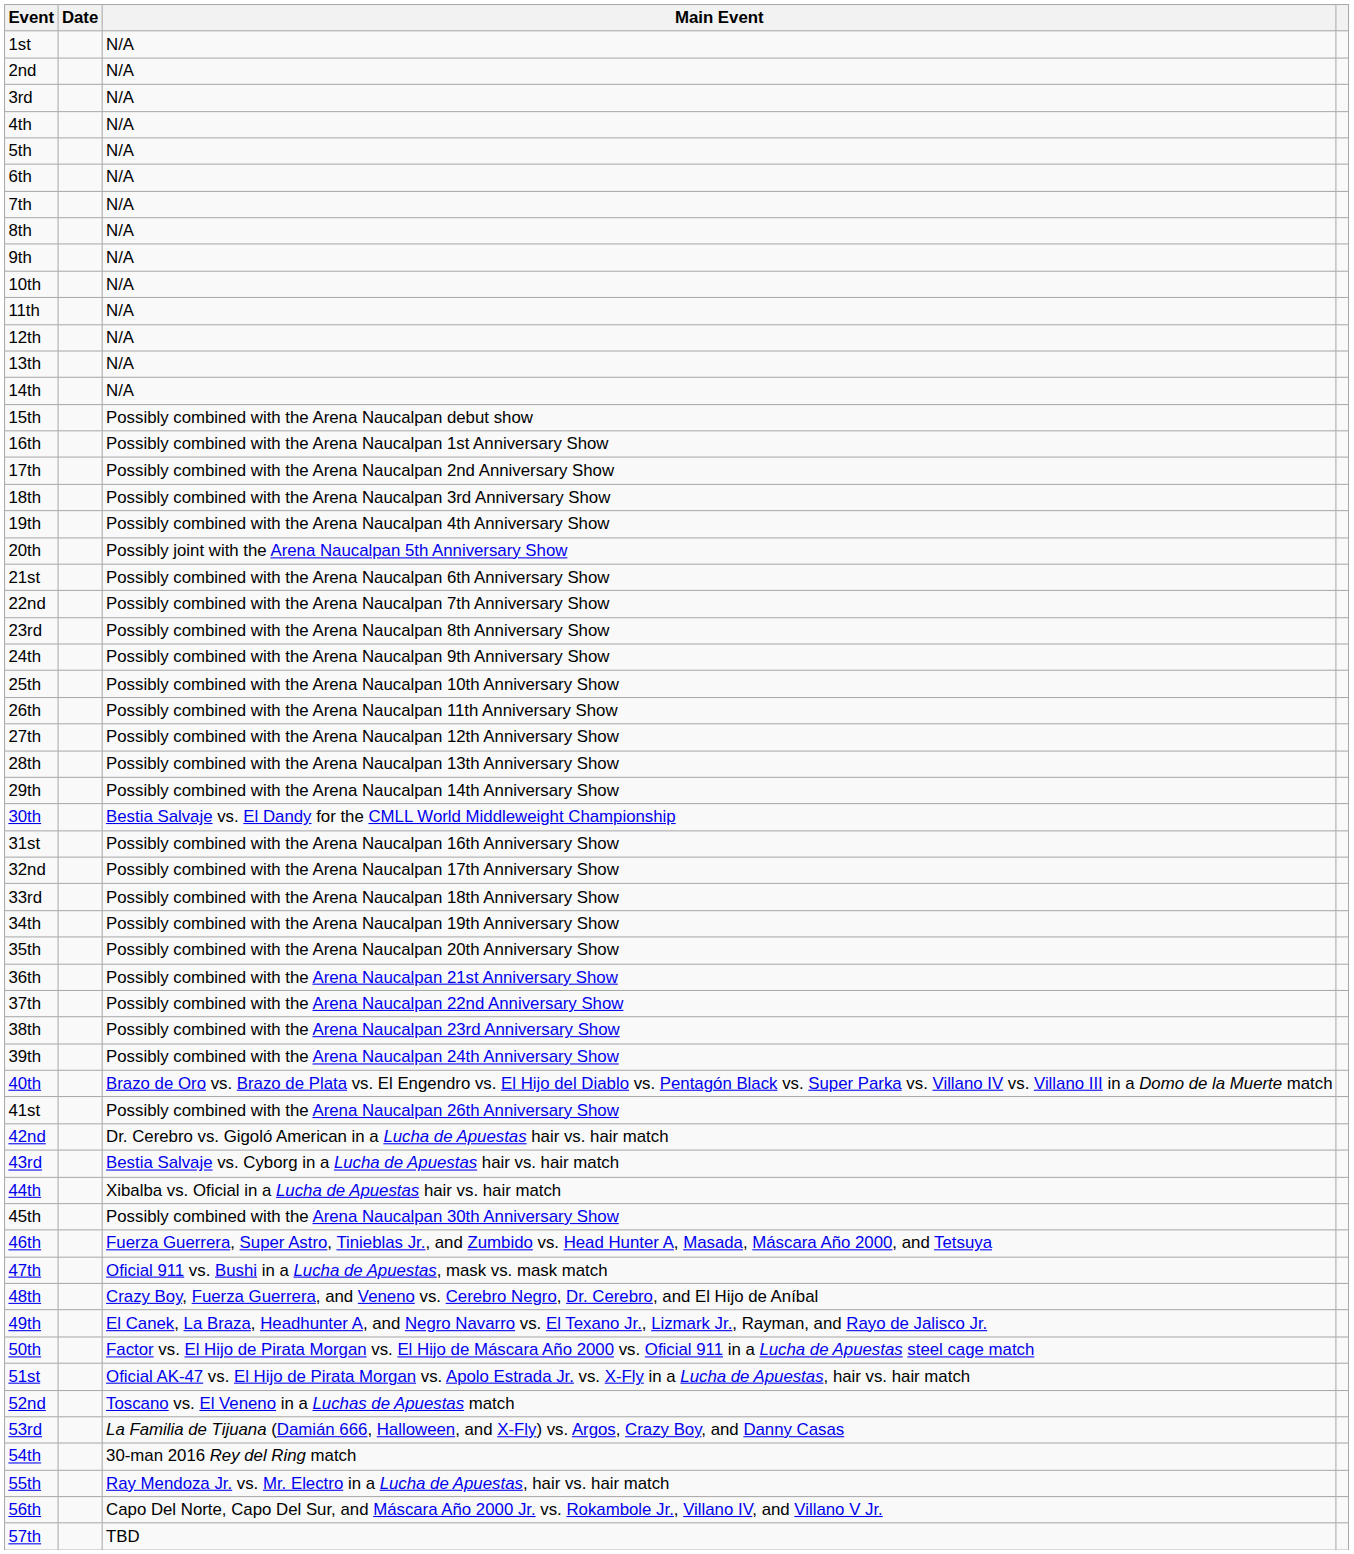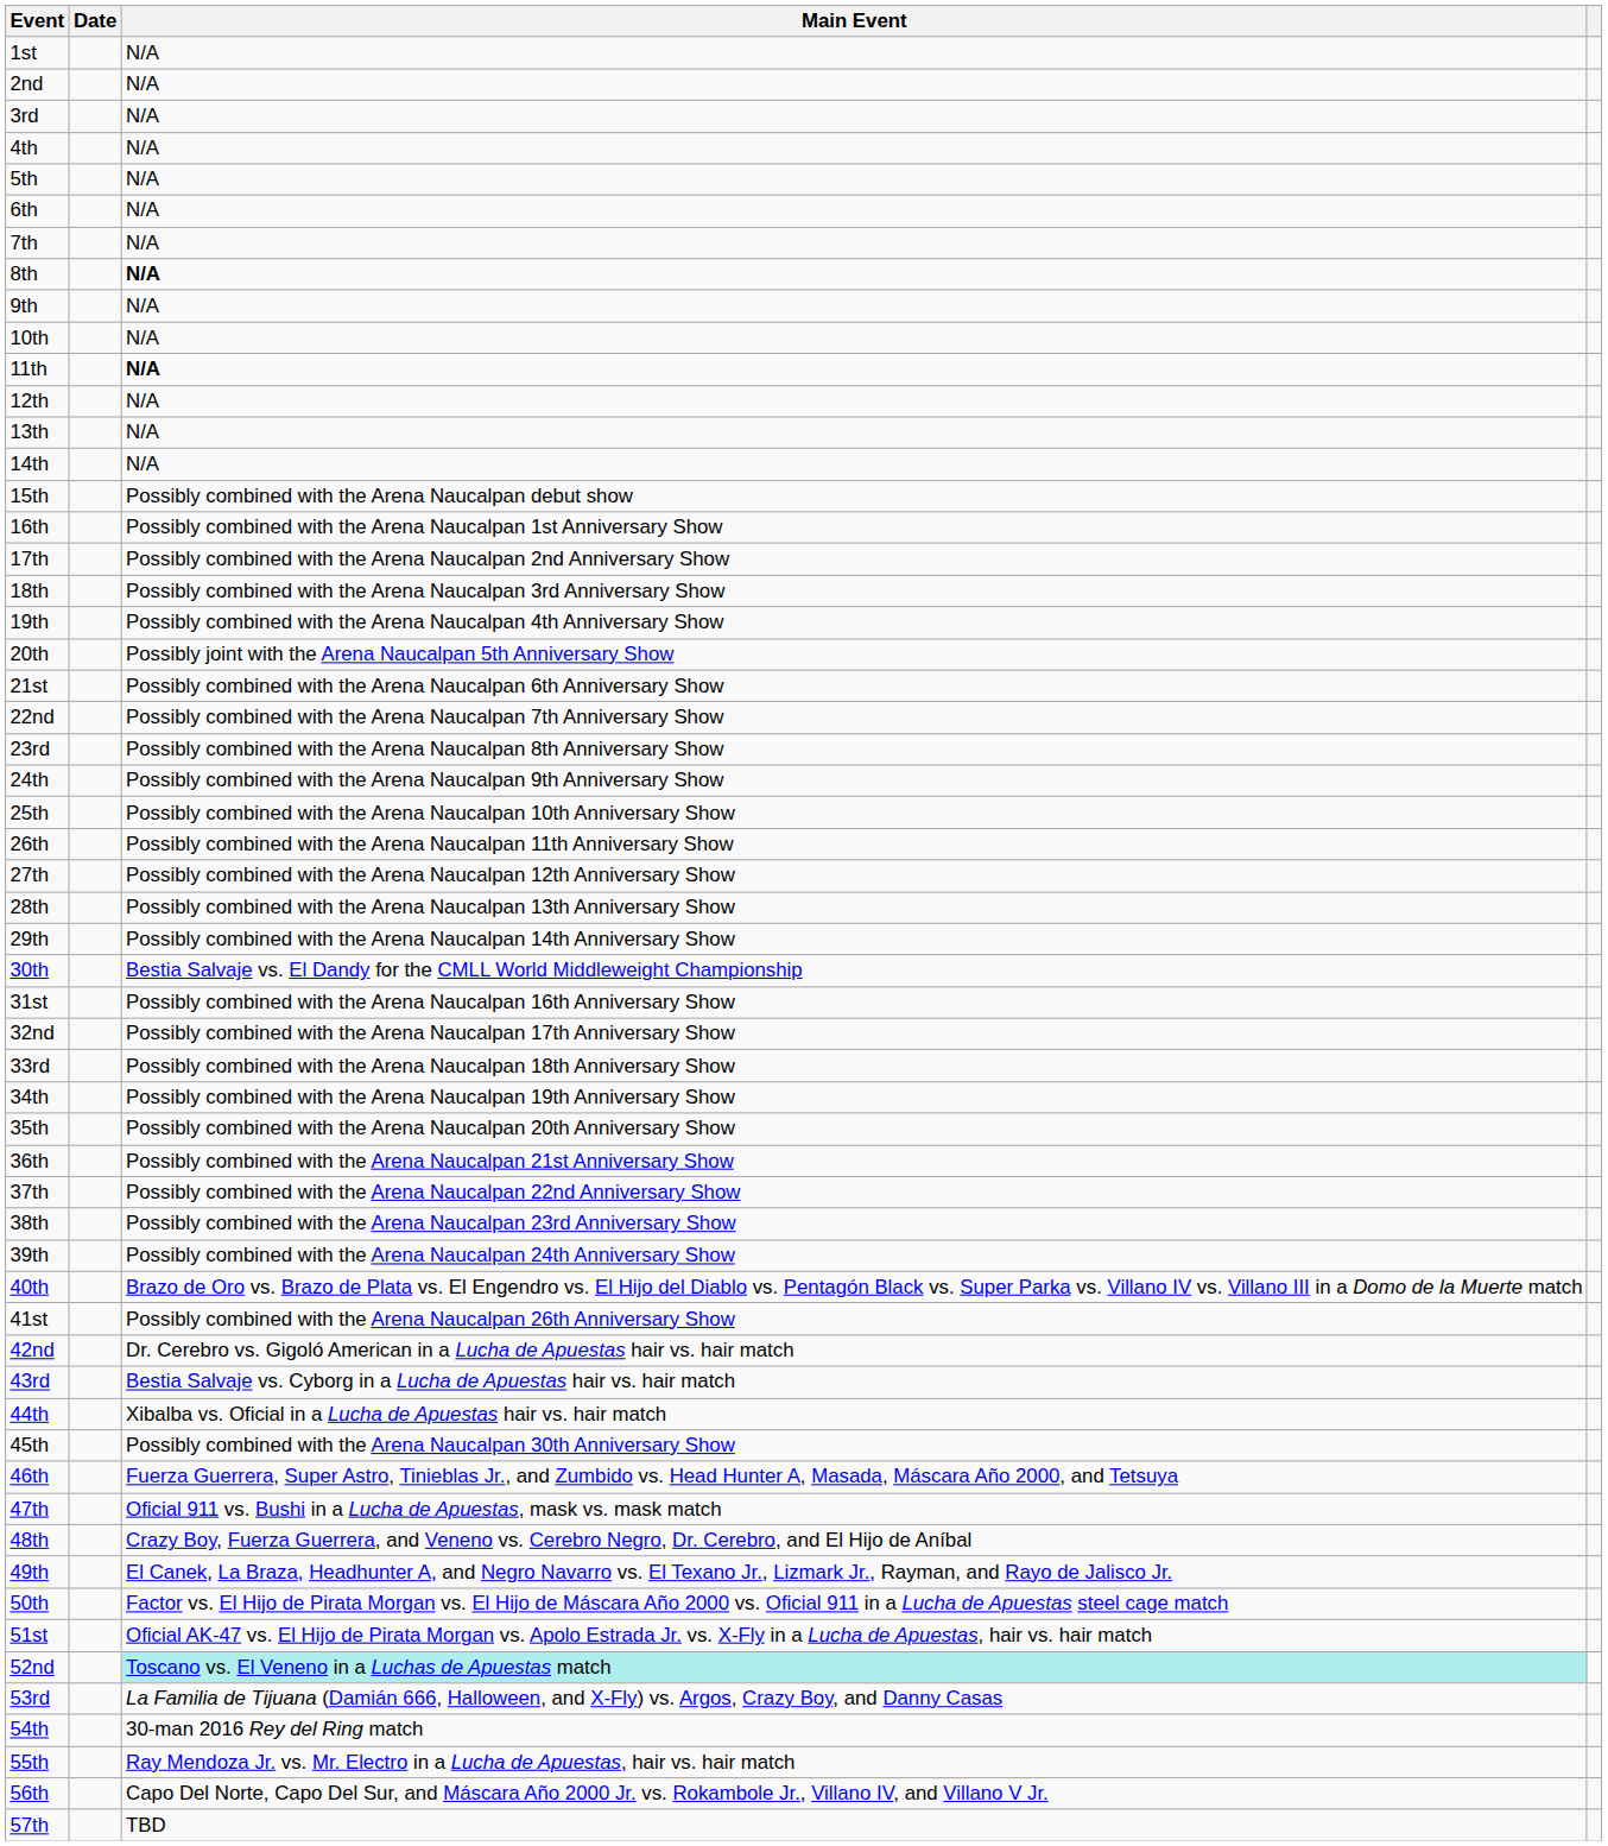 <table class="wikitable" align="center">
 <tr>
 <th scope="col">Event</th>
 <th scope="col">Date</th>
 <th scope="col">Main Event</th>
 <th class="unsortable" scope="col"></th>
 </tr>
 <tr>
 <td>1st</td>
 <td></td>
 <td>N/A</td>
 <td></td>
 </tr>
 <tr>
 <td>2nd</td>
 <td></td>
 <td>N/A</td>
 <td></td>
 </tr>
 <tr>
 <td>3rd</td>
 <td></td>
 <td>N/A</td>
 <td></td>
 </tr>
 <tr>
 <td>4th</td>
 <td></td>
 <td>N/A</td>
 <td></td>
 </tr>
 <tr>
 <td>5th</td>
 <td></td>
 <td>N/A</td>
 <td></td>
 </tr>
 <tr>
 <td>6th</td>
 <td></td>
 <td>N/A</td>
 <td></td>
 </tr>
 <tr>
 <td>7th</td>
 <td></td>
 <td>N/A</td>
 <td></td>
 </tr>
 <tr>
 <td>8th</td>
 <td></td>
-<td>N/A</td>
+<td><strong>N/A</strong></td>
 <td></td>
 </tr>
 <tr>
 <td>9th</td>
 <td></td>
 <td>N/A</td>
 <td></td>
 </tr>
 <tr>
 <td>10th</td>
 <td></td>
 <td>N/A</td>
 <td></td>
 </tr>
 <tr>
 <td>11th</td>
 <td></td>
-<td>N/A</td>
+<td><strong>N/A</strong></td>
 <td></td>
 </tr>
 <tr>
 <td>12th</td>
 <td></td>
 <td>N/A</td>
 <td></td>
 </tr>
 <tr>
 <td>13th</td>
 <td></td>
 <td>N/A</td>
 <td></td>
 </tr>
 <tr>
 <td>14th</td>
 <td></td>
 <td>N/A</td>
 <td></td>
 </tr>
 <tr>
 <td>15th</td>
 <td></td>
 <td>Possibly combined with the Arena Naucalpan debut show</td>
 <td></td>
 </tr>
 <tr>
 <td>16th</td>
 <td></td>
 <td>Possibly combined with the Arena Naucalpan 1st Anniversary Show</td>
 <td></td>
 </tr>
 <tr>
 <td>17th</td>
 <td></td>
 <td>Possibly combined with the Arena Naucalpan 2nd Anniversary Show</td>
 <td></td>
 </tr>
 <tr>
 <td>18th</td>
 <td></td>
 <td>Possibly combined with the Arena Naucalpan 3rd Anniversary Show</td>
 <td></td>
 </tr>
 <tr>
 <td>19th</td>
 <td></td>
 <td>Possibly combined with the Arena Naucalpan 4th Anniversary Show</td>
 <td></td>
 </tr>
 <tr>
 <td>20th</td>
 <td></td>
 <td>Possibly joint with the <a href='#'>Arena Naucalpan 5th Anniversary Show</a></td>
 <td></td>
 </tr>
 <tr>
 <td>21st</td>
 <td></td>
 <td>Possibly combined with the Arena Naucalpan 6th Anniversary Show</td>
 <td></td>
 </tr>
 <tr>
 <td>22nd</td>
 <td></td>
 <td>Possibly combined with the Arena Naucalpan 7th Anniversary Show</td>
 <td></td>
 </tr>
 <tr>
 <td>23rd</td>
 <td></td>
 <td>Possibly combined with the Arena Naucalpan 8th Anniversary Show</td>
 <td></td>
 </tr>
 <tr>
 <td>24th</td>
 <td></td>
 <td>Possibly combined with the Arena Naucalpan 9th Anniversary Show</td>
 <td></td>
 </tr>
 <tr>
 <td>25th</td>
 <td></td>
 <td>Possibly combined with the Arena Naucalpan 10th Anniversary Show</td>
 <td></td>
 </tr>
 <tr>
 <td>26th</td>
 <td></td>
 <td>Possibly combined with the Arena Naucalpan 11th Anniversary Show</td>
 <td></td>
 </tr>
 <tr>
 <td>27th</td>
 <td></td>
 <td>Possibly combined with the Arena Naucalpan 12th Anniversary Show</td>
 <td></td>
 </tr>
 <tr>
 <td>28th</td>
 <td></td>
 <td>Possibly combined with the Arena Naucalpan 13th Anniversary Show</td>
 <td></td>
 </tr>
 <tr>
 <td>29th</td>
 <td></td>
 <td>Possibly combined with the Arena Naucalpan 14th Anniversary Show</td>
 <td></td>
 </tr>
 <tr>
 <td><a href='#'>30th</a></td>
 <td></td>
 <td><a href='#'>Bestia Salvaje</a> vs. <a href='#'>El Dandy</a> for the <a href='#'>CMLL World Middleweight Championship</a></td>
 <td></td>
 </tr>
 <tr>
 <td>31st</td>
 <td></td>
 <td>Possibly combined with the Arena Naucalpan 16th Anniversary Show</td>
 <td></td>
 </tr>
 <tr>
 <td>32nd</td>
 <td></td>
 <td>Possibly combined with the Arena Naucalpan 17th Anniversary Show</td>
 <td></td>
 </tr>
 <tr>
 <td>33rd</td>
 <td></td>
 <td>Possibly combined with the Arena Naucalpan 18th Anniversary Show</td>
 <td></td>
 </tr>
 <tr>
 <td>34th</td>
 <td></td>
 <td>Possibly combined with the Arena Naucalpan 19th Anniversary Show</td>
 <td></td>
 </tr>
 <tr>
 <td>35th</td>
 <td></td>
 <td>Possibly combined with the Arena Naucalpan 20th Anniversary Show</td>
 <td></td>
 </tr>
 <tr>
 <td>36th</td>
 <td></td>
 <td>Possibly combined with the <a href='#'>Arena Naucalpan 21st Anniversary Show</a></td>
 <td></td>
 </tr>
 <tr>
 <td>37th</td>
 <td></td>
 <td>Possibly combined with the <a href='#'>Arena Naucalpan 22nd Anniversary Show</a></td>
 <td></td>
 </tr>
 <tr>
 <td>38th</td>
 <td></td>
 <td>Possibly combined with the <a href='#'>Arena Naucalpan 23rd Anniversary Show</a></td>
 <td></td>
 </tr>
 <tr>
 <td>39th</td>
 <td></td>
 <td>Possibly combined with the <a href='#'>Arena Naucalpan 24th Anniversary Show</a></td>
 <td></td>
 </tr>
 <tr>
 <td><a href='#'>40th</a></td>
 <td></td>
 <td><a href='#'>Brazo de Oro</a> vs. <a href='#'>Brazo de Plata</a> vs. El Engendro vs. <a href='#'>El Hijo del Diablo</a> vs. <a href='#'>Pentagón Black</a> vs. <a href='#'>Super Parka</a> vs. <a href='#'>Villano IV</a> vs. <a href='#'>Villano III</a> in a <em>Domo de la Muerte</em> match</td>
 <td></td>
 </tr>
 <tr>
 <td>41st</td>
 <td></td>
 <td>Possibly combined with the <a href='#'>Arena Naucalpan 26th Anniversary Show</a></td>
 <td></td>
 </tr>
 <tr>
 <td><a href='#'>42nd</a></td>
 <td></td>
 <td>Dr. Cerebro vs. Gigoló American in a <em><a href='#'>Lucha de Apuestas</a></em> hair vs. hair match</td>
 <td></td>
 </tr>
 <tr>
 <td><a href='#'>43rd</a></td>
 <td></td>
 <td><a href='#'>Bestia Salvaje</a> vs. Cyborg in a <em><a href='#'>Lucha de Apuestas</a></em> hair vs. hair match</td>
 <td></td>
 </tr>
 <tr>
 <td><a href='#'>44th</a></td>
 <td></td>
 <td>Xibalba vs. Oficial in a <em><a href='#'>Lucha de Apuestas</a></em> hair vs. hair match</td>
 <td></td>
 </tr>
 <tr>
 <td>45th</td>
 <td></td>
 <td>Possibly combined with the <a href='#'>Arena Naucalpan 30th Anniversary Show</a></td>
 <td></td>
 </tr>
 <tr>
 <td><a href='#'>46th</a></td>
 <td></td>
 <td><a href='#'>Fuerza Guerrera</a>, <a href='#'>Super Astro</a>, <a href='#'>Tinieblas Jr.</a>, and <a href='#'>Zumbido</a> vs. <a href='#'>Head Hunter A</a>, <a href='#'>Masada</a>, <a href='#'>Máscara Año 2000</a>, and <a href='#'>Tetsuya</a></td>
 <td></td>
 </tr>
 <tr>
 <td><a href='#'>47th</a></td>
 <td></td>
 <td><a href='#'>Oficial 911</a> vs. <a href='#'>Bushi</a> in a <em><a href='#'>Lucha de Apuestas</a></em>, mask vs. mask match</td>
 <td></td>
 </tr>
 <tr>
 <td><a href='#'>48th</a></td>
 <td></td>
 <td><a href='#'>Crazy Boy</a>, <a href='#'>Fuerza Guerrera</a>, and <a href='#'>Veneno</a> vs. <a href='#'>Cerebro Negro</a>, <a href='#'>Dr. Cerebro</a>, and El Hijo de Aníbal</td>
 <td></td>
 </tr>
 <tr>
 <td><a href='#'>49th</a></td>
 <td></td>
 <td><a href='#'>El Canek</a>, <a href='#'>La Braza</a>, <a href='#'>Headhunter A</a>, and <a href='#'>Negro Navarro</a> vs. <a href='#'>El Texano Jr.</a>, <a href='#'>Lizmark Jr.</a>, Rayman, and <a href='#'>Rayo de Jalisco Jr.</a></td>
 <td></td>
 </tr>
 <tr>
 <td><a href='#'>50th</a></td>
 <td></td>
 <td><a href='#'>Factor</a> vs. <a href='#'>El Hijo de Pirata Morgan</a> vs. <a href='#'>El Hijo de Máscara Año 2000</a> vs. <a href='#'>Oficial 911</a> in a <em><a href='#'>Lucha de Apuestas</a></em> <a href='#'>steel cage match</a></td>
 <td></td>
 </tr>
 <tr>
 <td><a href='#'>51st</a></td>
 <td></td>
 <td><a href='#'>Oficial AK-47</a> vs. <a href='#'>El Hijo de Pirata Morgan</a> vs. <a href='#'>Apolo Estrada Jr.</a> vs. <a href='#'>X-Fly</a> in a <em><a href='#'>Lucha de Apuestas</a></em>, hair vs. hair match</td>
 <td></td>
 </tr>
 <tr>
 <td><a href='#'>52nd</a></td>
 <td></td>
-<td><a href='#'>Toscano</a> vs. <a href='#'>El Veneno</a> in a <em><a href='#'>Luchas de Apuestas</a></em> match</td>
+<td style="background: paleturquoise;"><a href='#'>Toscano</a> vs. <a href='#'>El Veneno</a> in a <em><a href='#'>Luchas de Apuestas</a></em> match</td>
 <td></td>
 </tr>
 <tr>
 <td><a href='#'>53rd</a></td>
 <td></td>
 <td><em>La Familia de Tijuana</em> (<a href='#'>Damián 666</a>, <a href='#'>Halloween</a>, and <a href='#'>X-Fly</a>) vs. <a href='#'>Argos</a>, <a href='#'>Crazy Boy</a>, and <a href='#'>Danny Casas</a></td>
 <td></td>
 </tr>
 <tr>
 <td><a href='#'>54th</a></td>
 <td></td>
 <td>30-man 2016 <em>Rey del Ring</em> match</td>
 <td></td>
 </tr>
 <tr>
 <td><a href='#'>55th</a></td>
 <td></td>
 <td><a href='#'>Ray Mendoza Jr.</a> vs. <a href='#'>Mr. Electro</a> in a <em><a href='#'>Lucha de Apuestas</a></em>, hair vs. hair match</td>
 <td></td>
 </tr>
 <tr>
 <td><a href='#'>56th</a></td>
 <td></td>
 <td>Capo Del Norte, Capo Del Sur, and <a href='#'>Máscara Año 2000 Jr.</a> vs. <a href='#'>Rokambole Jr.</a>, <a href='#'>Villano IV</a>, and <a href='#'>Villano V Jr.</a></td>
 <td></td>
 </tr>
 <tr>
 <td><a href='#'>57th</a></td>
 <td></td>
 <td>TBD</td>
 <td> </td>
 </tr>
 </table>
